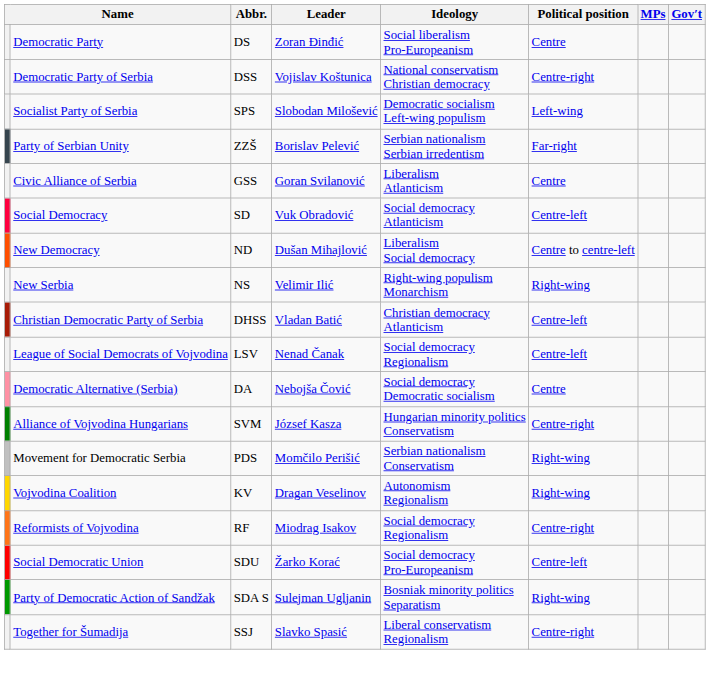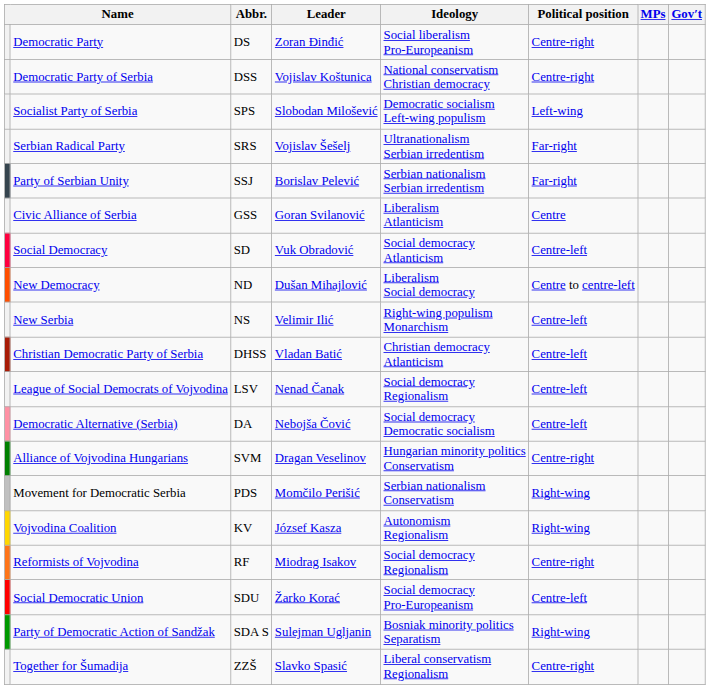 <table class="wikitable">
 <tr>
 <th colspan=2>Name</th>
 <th>Abbr.</th>
 <th>Leader</th>
 <th>Ideology</th>
 <th>Political position</th>
 <th><a href='#'>MPs</a></th>
 <th><a href='#'>Gov′t</a></th>
 </tr>
 <tr>
 <th style="background-color: "></th>
 <td><a href='#'>Democratic Party</a><br><small><em></em></small></td>
 <td>DS</td>
 <td><a href='#'>Zoran Đinđić</a></td>
 <td><a href='#'>Social liberalism</a><br><a href='#'>Pro-Europeanism</a></td>
-<td><a href='#'>Centre</a></td>
+<td><a href='#'>Centre-right</a></td>
 <td></td>
 <td></td>
 </tr>
 <tr>
 <th style="background-color: "></th>
 <td><a href='#'>Democratic Party of Serbia</a><br><small><em></em></small></td>
 <td>DSS</td>
 <td><a href='#'>Vojislav Koštunica</a></td>
 <td><a href='#'>National conservatism</a><br><a href='#'>Christian democracy</a></td>
 <td><a href='#'>Centre-right</a></td>
 <td></td>
 <td></td>
 </tr>
 <tr>
 <th style="background-color: "></th>
 <td><a href='#'>Socialist Party of Serbia</a><br><small><em></em></small></td>
 <td>SPS</td>
 <td><a href='#'>Slobodan Milošević</a></td>
 <td><a href='#'>Democratic socialism</a><br><a href='#'>Left-wing populism</a></td>
 <td><a href='#'>Left-wing</a></td>
 <td></td>
 <td></td>
 </tr>
 <tr>
+<th style="background-color: "></th>
+<td><a href='#'>Serbian Radical Party</a><br><small><em></em></small></td>
+<td>SRS</td>
+<td><a href='#'>Vojislav Šešelj</a></td>
+<td><a href='#'>Ultranationalism</a><br><a href='#'>Serbian irredentism</a></td>
+<td><a href='#'>Far-right</a></td>
+<td></td>
+<td></td>
+</tr>
+<tr>
 <th style="background-color: #36454F"></th>
 <td><a href='#'>Party of Serbian Unity</a><br><small><em></em></small></td>
-<td>ZZŠ</td>
+<td>SSJ</td>
 <td><a href='#'>Borislav Pelević</a></td>
 <td><a href='#'>Serbian nationalism</a><br><a href='#'>Serbian irredentism</a></td>
 <td><a href='#'>Far-right</a></td>
 <td></td>
 <td></td>
 </tr>
 <tr>
 <th style="background-color: "></th>
 <td><a href='#'>Civic Alliance of Serbia</a><br><small><em></em></small></td>
 <td>GSS</td>
 <td><a href='#'>Goran Svilanović</a></td>
 <td><a href='#'>Liberalism</a><br><a href='#'>Atlanticism</a></td>
 <td><a href='#'>Centre</a></td>
 <td></td>
 <td></td>
 </tr>
 <tr>
 <th style="background-color: #FF003F; color:white;"></th>
 <td><a href='#'>Social Democracy</a><br><small><em></em></small></td>
 <td>SD</td>
 <td><a href='#'>Vuk Obradović</a></td>
 <td><a href='#'>Social democracy</a><br><a href='#'>Atlanticism</a></td>
 <td><a href='#'>Centre-left</a></td>
 <td></td>
 <td></td>
 </tr>
 <tr>
 <th style="background-color: #FF4F00;"></th>
 <td><a href='#'>New Democracy</a><br><small><em></em></small></td>
 <td>ND</td>
 <td><a href='#'>Dušan Mihajlović</a></td>
 <td><a href='#'>Liberalism</a><br><a href='#'>Social democracy</a></td>
 <td><a href='#'>Centre</a> to <a href='#'>centre-left</a></td>
 <td></td>
 <td></td>
 </tr>
 <tr>
 <th style="background-color: "></th>
 <td><a href='#'>New Serbia</a><br><small><em></em></small></td>
 <td>NS</td>
 <td><a href='#'>Velimir Ilić</a></td>
 <td><a href='#'>Right-wing populism</a><br><a href='#'>Monarchism</a></td>
-<td><a href='#'>Right-wing</a></td>
+<td><a href='#'>Centre-left</a></td>
 <td></td>
 <td></td>
 </tr>
 <tr>
 <th style="background-color:  #A81C07"></th>
 <td><a href='#'>Christian Democratic Party of Serbia</a><br><small><em></em></small></td>
 <td>DHSS</td>
 <td><a href='#'>Vladan Batić</a></td>
 <td><a href='#'>Christian democracy</a><br><a href='#'>Atlanticism</a></td>
 <td><a href='#'>Centre-left</a></td>
 <td></td>
 <td></td>
 </tr>
 <tr>
 <th style="background-color: "></th>
 <td><a href='#'>League of Social Democrats of Vojvodina</a><br><small><em></em></small></td>
 <td>LSV</td>
 <td><a href='#'>Nenad Čanak</a></td>
 <td><a href='#'>Social democracy</a><br><a href='#'>Regionalism</a></td>
 <td><a href='#'>Centre-left</a></td>
 <td></td>
 <td></td>
 </tr>
 <tr>
 <th style="background-color: #FF91A4; color:white;"></th>
 <td><a href='#'>Democratic Alternative (Serbia)</a><br><small><em></em></small></td>
 <td>DA</td>
 <td><a href='#'>Nebojša Čović</a></td>
 <td><a href='#'>Social democracy</a><br><a href='#'>Democratic socialism</a></td>
-<td><a href='#'>Centre</a></td>
+<td><a href='#'>Centre-left</a></td>
 <td></td>
 <td></td>
 </tr>
 <tr>
 <th style="background-color: green; color:white;"></th>
 <td><a href='#'>Alliance of Vojvodina Hungarians</a><br><small><em></em></small></td>
 <td>SVM</td>
-<td><a href='#'>József Kasza</a></td>
+<td><a href='#'>Dragan Veselinov</a></td>
 <td><a href='#'>Hungarian minority politics</a><br><a href='#'>Conservatism</a></td>
 <td><a href='#'>Centre-right</a></td>
 <td></td>
 <td></td>
 </tr>
 <tr>
 <th style="background-color: #C0C0C0"></th>
 <td>Movement for Democratic Serbia <br><small><em></em></small></td>
 <td>PDS</td>
 <td><a href='#'>Momčilo Perišić</a></td>
 <td><a href='#'>Serbian nationalism</a><br><a href='#'>Conservatism</a></td>
 <td><a href='#'>Right-wing</a></td>
 <td></td>
 <td></td>
 </tr>
 <tr>
 <th style="background-color: gold;"></th>
 <td><a href='#'>Vojvodina Coalition</a><br><small><em></em></small></td>
 <td>KV</td>
-<td><a href='#'>Dragan Veselinov</a></td>
+<td><a href='#'>József Kasza</a></td>
 <td><a href='#'>Autonomism</a><br><a href='#'>Regionalism</a></td>
 <td><a href='#'>Right-wing</a></td>
 <td></td>
 <td></td>
 </tr>
 <tr>
 <th style="background-color:#FF7518;"></th>
 <td><a href='#'>Reformists of Vojvodina</a><br><small><em></em></small></td>
 <td>RF</td>
 <td><a href='#'>Miodrag Isakov</a></td>
 <td><a href='#'>Social democracy</a><br><a href='#'>Regionalism</a></td>
 <td><a href='#'>Centre-right</a></td>
 <td></td>
 <td></td>
 </tr>
 <tr>
 <th style="background-color: red; color:white;"></th>
 <td><a href='#'>Social Democratic Union</a><br><small><em></em></small></td>
 <td>SDU</td>
 <td><a href='#'>Žarko Korać</a></td>
 <td><a href='#'>Social democracy</a><br><a href='#'>Pro-Europeanism</a></td>
 <td><a href='#'>Centre-left</a></td>
 <td></td>
 <td></td>
 </tr>
 <tr>
 <th style="background-color: #009900; color:white;"></th>
 <td><a href='#'>Party of Democratic Action of Sandžak</a><br><small><em></em></small></td>
 <td>SDA S</td>
 <td><a href='#'>Sulejman Ugljanin</a></td>
 <td><a href='#'>Bosniak minority politics</a><br><a href='#'>Separatism</a></td>
 <td><a href='#'>Right-wing</a></td>
 <td></td>
 <td></td>
 </tr>
 <tr>
 <th style="background-color: "></th>
 <td><a href='#'>Together for Šumadija</a><br><small><em></em></small></td>
-<td>SSJ</td>
+<td>ZZŠ</td>
 <td><a href='#'>Slavko Spasić</a></td>
 <td><a href='#'>Liberal conservatism</a><br><a href='#'>Regionalism</a></td>
 <td><a href='#'>Centre-right</a></td>
 <td></td>
 <td></td>
 </tr>
 </table>
